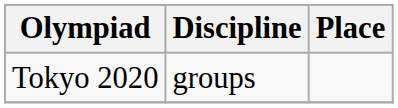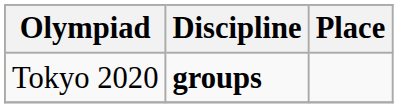 <table class = "wikitable">
 <tr>
 <th>Olympiad</th>
 <th>Discipline</th>
 <th>Place</th>
 </tr>
 <tr>
 <td Ukraine at the Summer Olympic Games 2020>Tokyo 2020</td>
-<td Сиsynchronized swimming at the 2020 Summer Olympics - groups>groups</td>
+<td Сиsynchronized swimming at the 2020 Summer Olympics - groups><strong>groups</strong></td>
 <td></td>
 </tr>
 <tr>
 </tr>
 </table>
